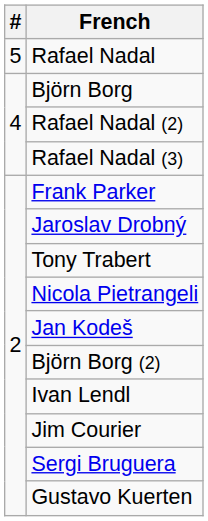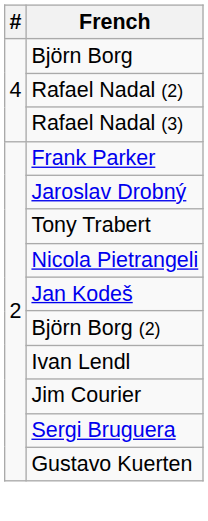 <table class=wikitable style="display:inline-table;">
 <tr>
 <th>#</th>
 <th>French</th>
-</tr>
-<tr>
-<td>5</td>
-<td> Rafael Nadal</td>
 </tr>
 <tr>
 <td rowspan="3">4</td>
 <td> Björn Borg</td>
 </tr>
 <tr>
 <td> Rafael Nadal <small>(2)</small></td>
 </tr>
 <tr>
 <td> Rafael Nadal <small>(3)</small></td>
 </tr>
 <tr>
 <td rowspan="10">2</td>
 <td> <a href='#'>Frank Parker</a></td>
 </tr>
 <tr>
 <td> <a href='#'>Jaroslav Drobný</a></td>
 </tr>
 <tr>
 <td> Tony Trabert</td>
 </tr>
 <tr>
 <td> <a href='#'>Nicola Pietrangeli</a></td>
 </tr>
 <tr>
 <td> <a href='#'>Jan Kodeš</a></td>
 </tr>
 <tr>
 <td> Björn Borg <small>(2)</small></td>
 </tr>
 <tr>
 <td> Ivan Lendl</td>
 </tr>
 <tr>
 <td> Jim Courier</td>
 </tr>
 <tr>
 <td> <a href='#'>Sergi Bruguera</a></td>
 </tr>
 <tr>
 <td> Gustavo Kuerten</td>
 </tr>
 </table>
